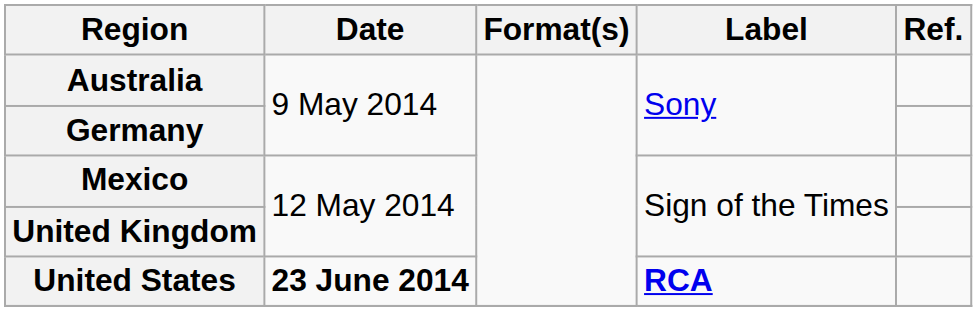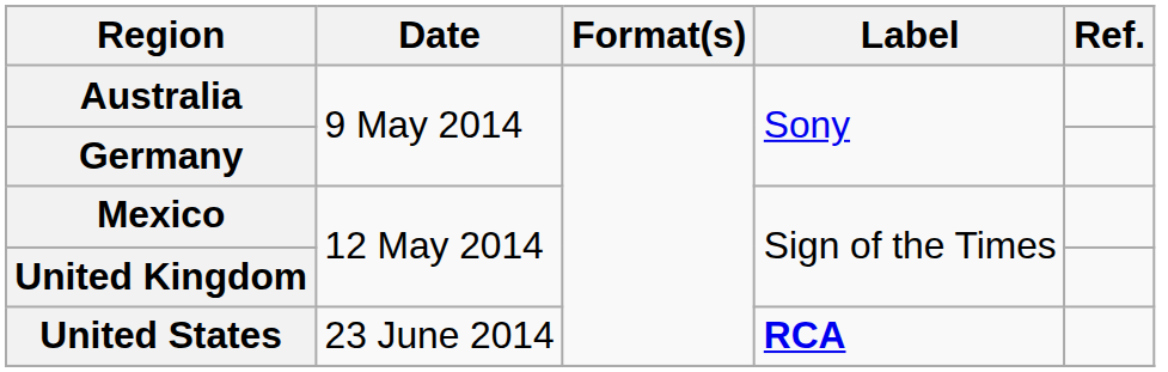 <table class="wikitable plainrowheaders">
 <tr>
 <th scope="col">Region</th>
 <th scope="col">Date</th>
 <th scope="col">Format(s)</th>
 <th scope="col">Label</th>
 <th scope="col">Ref.</th>
 </tr>
 <tr>
 <th scope="row">Australia</th>
 <td rowspan="2">9 May 2014</td>
 <td rowspan="5"></td>
 <td rowspan="2"><a href='#'>Sony</a></td>
 <td></td>
 </tr>
 <tr>
 <th scope="row">Germany</th>
 <td></td>
 </tr>
 <tr>
 <th scope="row">Mexico</th>
 <td rowspan="2">12 May 2014</td>
 <td rowspan="2">Sign of the Times</td>
 <td></td>
 </tr>
 <tr>
 <th scope="row">United Kingdom</th>
 <td></td>
 </tr>
 <tr>
 <th scope="row">United States</th>
-<td><strong>23 June 2014</strong></td>
+<td>23 June 2014</td>
 <td><strong><a href='#'>RCA</a></strong></td>
 <td></td>
 </tr>
 <tr>
 </tr>
 </table>
